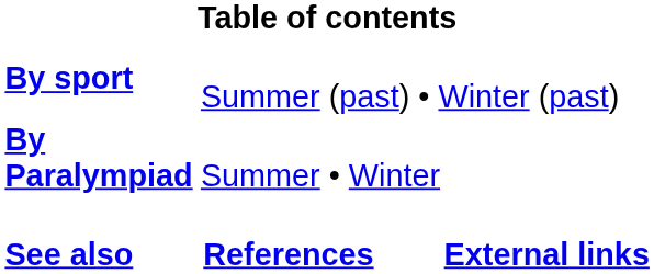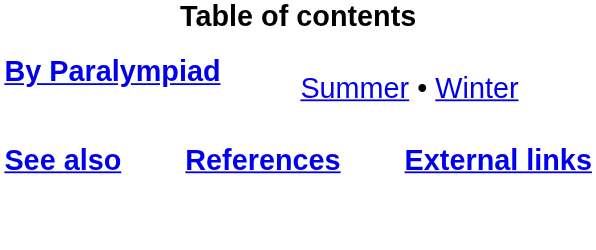 <table class="toc">
 <tr>
 <th colspan=2>Table of contents</th>
-</tr>
-<tr>
-<td width=50px><strong><a href='#'>By sport</a></strong></td>
-<td><br><a href='#'>Summer</a>  (<a href='#'>past</a>) •  <a href='#'>Winter</a> (<a href='#'>past</a>)</td>
 </tr>
 <tr>
 <td><strong><a href='#'>By Paralympiad</a></strong></td>
 <td><br><a href='#'>Summer</a> • <a href='#'>Winter</a></td>
 </tr>
 <tr>
 <td colspan=2 align=center><br><strong><a href='#'>See also</a></strong>        <strong><a href='#'>References</a></strong>        <strong><a href='#'>External links</a></strong></td>
 </tr>
 </table>
